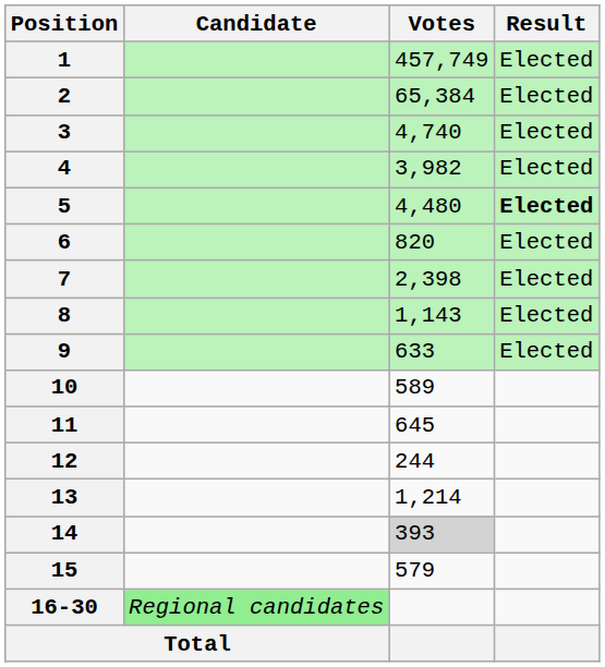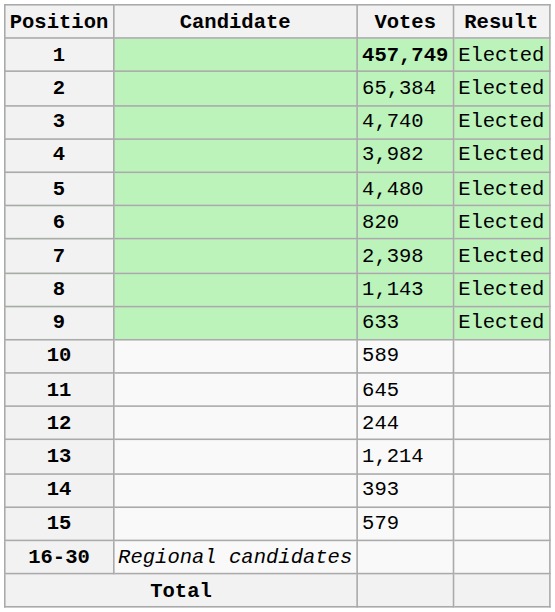 <table class="wikitable sortable col3right">
 <tr>
 <th scope="col">Position</th>
 <th scope="col">Candidate</th>
 <th scope="col">Votes</th>
 <th scope="col">Result</th>
 </tr>
 <tr bgcolor=bbf3bb>
 <th scope="row">1</th>
 <td></td>
-<td>457,749</td>
+<td><strong>457,749</strong></td>
 <td>Elected</td>
 </tr>
 <tr bgcolor=bbf3bb>
 <th scope="row">2</th>
 <td></td>
 <td>65,384</td>
 <td>Elected</td>
 </tr>
 <tr bgcolor=bbf3bb>
 <th scope="row">3</th>
 <td></td>
 <td>4,740</td>
 <td>Elected</td>
 </tr>
 <tr bgcolor=bbf3bb>
 <th scope="row">4</th>
 <td></td>
 <td>3,982</td>
 <td>Elected</td>
 </tr>
 <tr bgcolor=bbf3bb>
 <th scope="row">5</th>
 <td></td>
 <td>4,480</td>
-<td><strong>Elected</strong></td>
+<td>Elected</td>
 </tr>
 <tr bgcolor=bbf3bb>
 <th scope="row">6</th>
 <td></td>
 <td>820</td>
 <td>Elected</td>
 </tr>
 <tr bgcolor=bbf3bb>
 <th scope="row">7</th>
 <td></td>
 <td>2,398</td>
 <td>Elected</td>
 </tr>
 <tr bgcolor=bbf3bb>
 <th scope="row">8</th>
 <td></td>
 <td>1,143</td>
 <td>Elected</td>
 </tr>
 <tr bgcolor=bbf3bb>
 <th scope="row">9</th>
 <td></td>
 <td>633</td>
 <td>Elected</td>
 </tr>
 <tr>
 <th scope="row">10</th>
 <td></td>
 <td>589</td>
 <td></td>
 </tr>
 <tr>
 <th scope="row">11</th>
 <td></td>
 <td>645</td>
 <td></td>
 </tr>
 <tr>
 <th scope="row">12</th>
 <td></td>
 <td>244</td>
 <td></td>
 </tr>
 <tr>
 <th scope="row">13</th>
 <td></td>
 <td>1,214</td>
 <td></td>
 </tr>
 <tr>
 <th scope="row">14</th>
 <td></td>
-<td style="background: lightgrey;">393</td>
+<td>393</td>
 <td></td>
 </tr>
 <tr>
 <th scope="row">15</th>
 <td></td>
 <td>579</td>
 <td></td>
 </tr>
 <tr>
 <th scope="row">16-30</th>
-<td style="background: lightgreen;"><em>Regional candidates</em></td>
+<td><em>Regional candidates</em></td>
 <td></td>
 <td></td>
 </tr>
 <tr class="sortbottom">
 <th scope="row" colspan="2">Total</th>
 <th></th>
 <th></th>
 </tr>
 </table>
